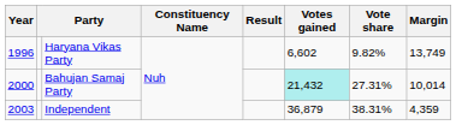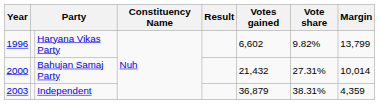 <table class="wikitable">
 <tr>
 <th>Year</th>
 <th colspan="2">Party</th>
 <th>Constituency Name</th>
 <th>Result</th>
 <th>Votes gained</th>
 <th>Vote share</th>
 <th>Margin</th>
 </tr>
 <tr>
 <td><a href='#'>1996</a></td>
 <td></td>
 <td><a href='#'>Haryana Vikas Party</a></td>
 <td rowspan="3"><a href='#'>Nuh</a></td>
 <td></td>
 <td>6,602</td>
 <td>9.82%</td>
-<td>13,749</td>
+<td>13,799</td>
 </tr>
 <tr>
 <td><a href='#'>2000</a></td>
 <td></td>
 <td><a href='#'>Bahujan Samaj Party</a></td>
 <td></td>
-<td style="background: paleturquoise;">21,432</td>
+<td>21,432</td>
 <td>27.31%</td>
 <td>10,014</td>
 </tr>
 <tr>
 <td><a href='#'>2003</a></td>
 <td></td>
 <td><a href='#'>Independent</a></td>
 <td></td>
 <td>36,879</td>
 <td>38.31%</td>
 <td>4,359</td>
 </tr>
 </table>
